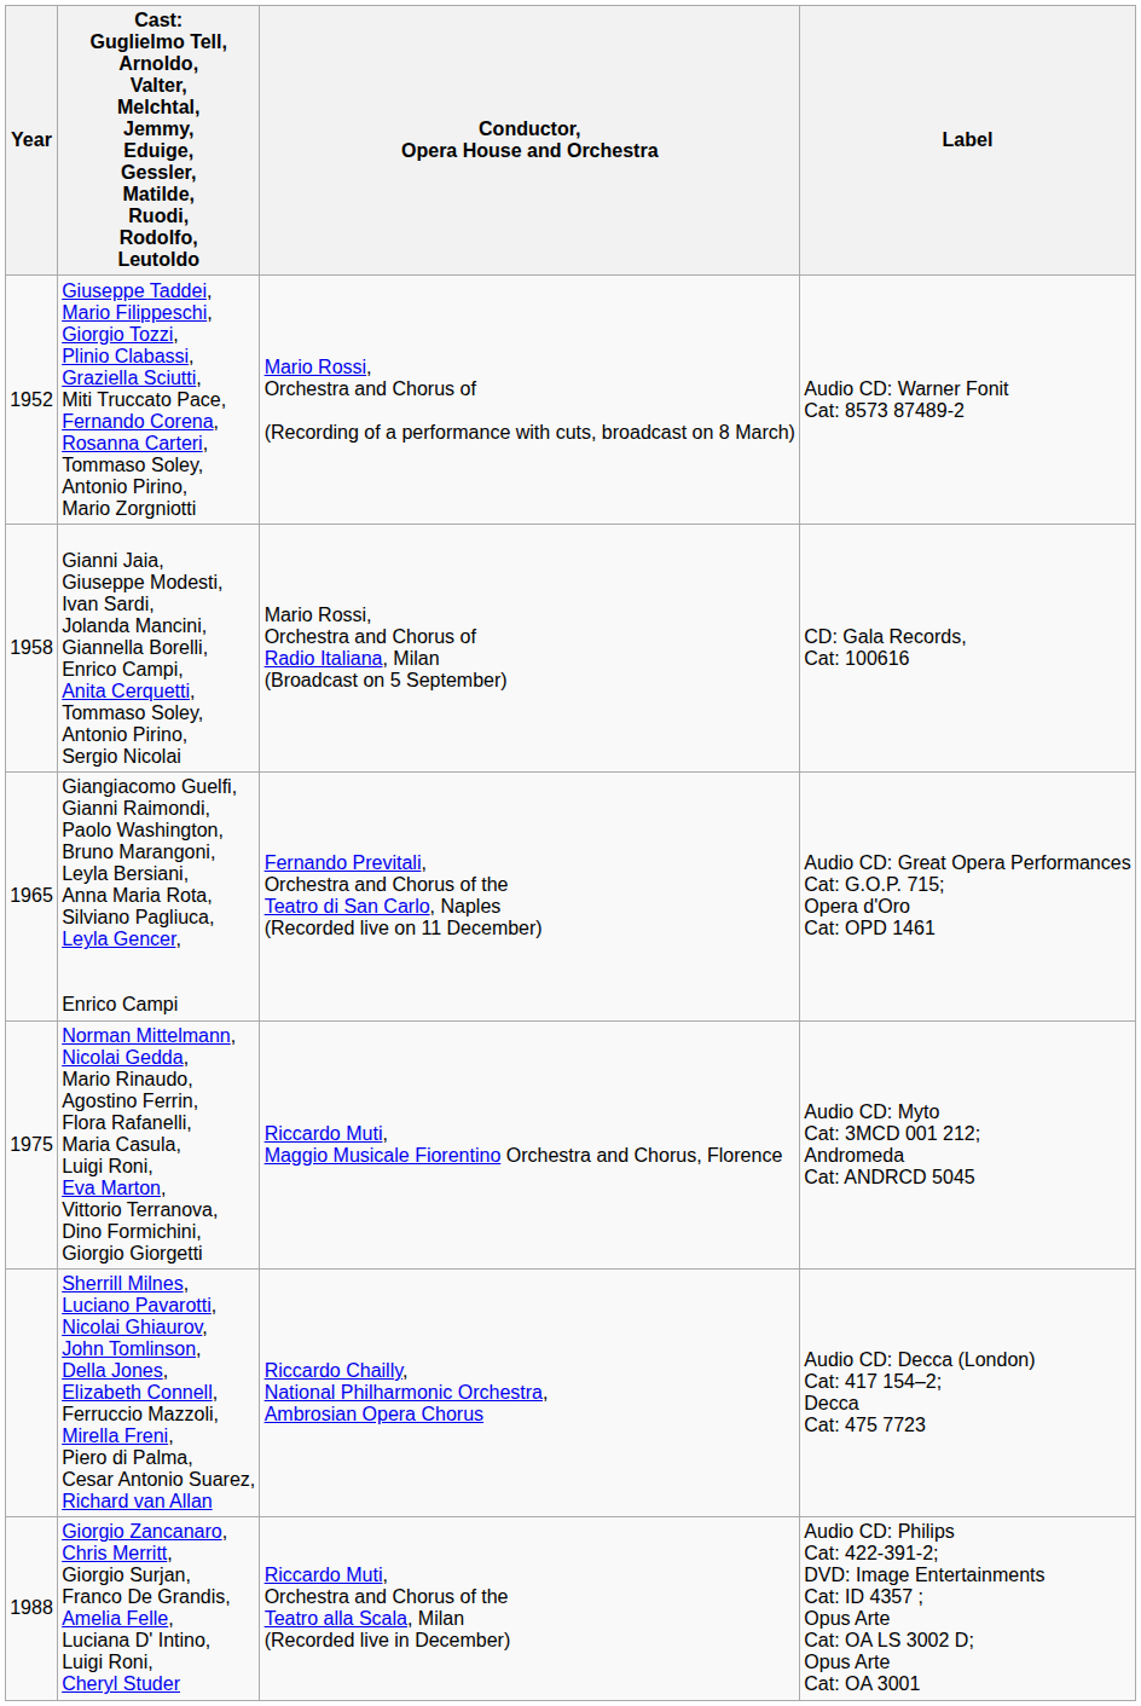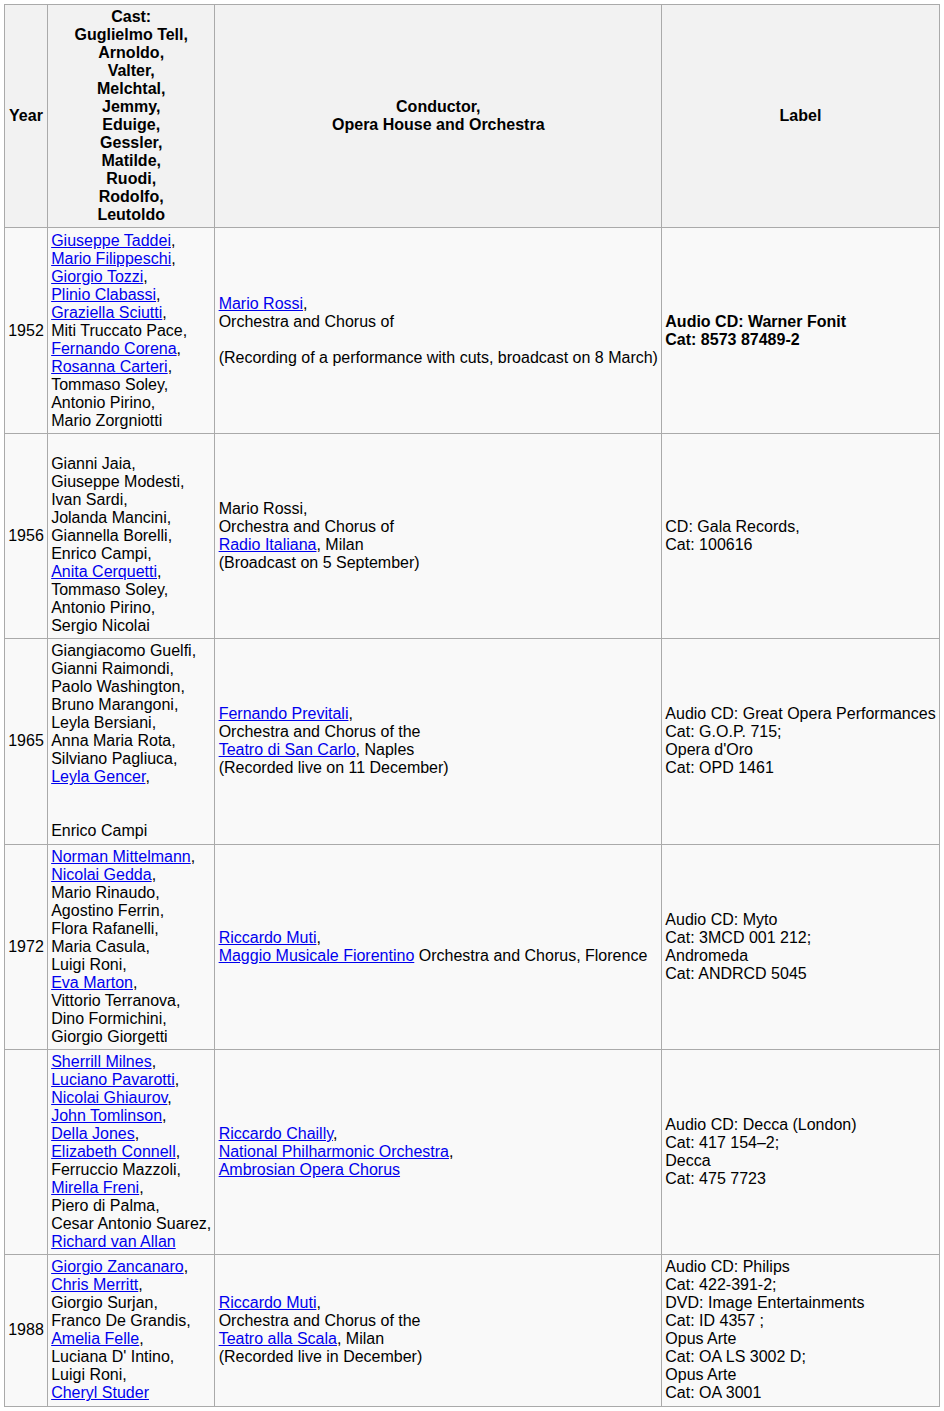 <table class="wikitable">
 <tr>
 <th>Year</th>
 <th>Cast:<br>Guglielmo Tell,<br> Arnoldo,<br> Valter,<br> Melchtal,<br> Jemmy,<br> Eduige,<br> Gessler,<br>Matilde,<br>Ruodi,<br>Rodolfo,<br>Leutoldo<br></th>
 <th>Conductor,<br>Opera House and Orchestra</th>
 <th>Label</th>
 </tr>
 <tr>
 <td>1952</td>
 <td><a href='#'>Giuseppe Taddei</a>,<br><a href='#'>Mario Filippeschi</a>,<br><a href='#'>Giorgio Tozzi</a>,<br><a href='#'>Plinio Clabassi</a>,<br> <a href='#'>Graziella Sciutti</a>,<br>Miti Truccato Pace,<br><a href='#'>Fernando Corena</a>,<br> <a href='#'>Rosanna Carteri</a>,<br> Tommaso Soley,<br>Antonio Pirino,<br>Mario Zorgniotti</td>
 <td><a href='#'>Mario Rossi</a>,<br>Orchestra and Chorus of<br><br>(Recording of a performance with cuts, broadcast on 8 March)</td>
-<td>Audio CD: Warner Fonit<br>Cat:  8573 87489-2</td>
+<td><strong>Audio CD: Warner Fonit<br>Cat:  8573 87489-2</strong></td>
 </tr>
 <tr>
-<td>1958</td>
+<td>1956</td>
 <td><br>Gianni Jaia,<br>Giuseppe Modesti,<br>Ivan Sardi,<br>Jolanda Mancini,<br>Giannella Borelli,<br>Enrico Campi,<br><a href='#'>Anita Cerquetti</a>,<br>Tommaso Soley,<br>Antonio Pirino,<br>Sergio Nicolai</td>
 <td>Mario Rossi,<br>Orchestra and Chorus of<br><a href='#'>Radio Italiana</a>, Milan<br>(Broadcast on 5 September)</td>
 <td>CD: Gala Records,<br>Cat: 100616</td>
 </tr>
 <tr>
 <td>1965</td>
 <td>Giangiacomo Guelfi,<br>Gianni Raimondi,<br>Paolo Washington,<br>Bruno Marangoni,<br>Leyla Bersiani,<br>Anna Maria Rota,<br>Silviano Pagliuca,<br><a href='#'>Leyla Gencer</a>,<br> <br> <br>Enrico Campi</td>
 <td><a href='#'>Fernando Previtali</a>,<br>Orchestra and Chorus of the<br><a href='#'>Teatro di San Carlo</a>, Naples<br>(Recorded live on 11 December)</td>
 <td>Audio CD: Great Opera Performances<br>Cat: G.O.P. 715;<br>Opera d'Oro<br>Cat: OPD 1461</td>
 </tr>
 <tr>
-<td>1975</td>
+<td>1972</td>
 <td><a href='#'>Norman Mittelmann</a>,<br><a href='#'>Nicolai Gedda</a>,<br>Mario Rinaudo,<br>Agostino Ferrin,<br>Flora Rafanelli,<br>Maria Casula,<br>Luigi Roni,<br><a href='#'>Eva Marton</a>,<br>Vittorio Terranova,<br>Dino Formichini,<br>Giorgio Giorgetti</td>
 <td><a href='#'>Riccardo Muti</a>,<br><a href='#'>Maggio Musicale Fiorentino</a> Orchestra and Chorus, Florence</td>
 <td>Audio CD: Myto<br>Cat: 3MCD 001 212;<br>Andromeda<br>Cat: ANDRCD 5045</td>
 </tr>
 <tr>
 <td></td>
 <td><a href='#'>Sherrill Milnes</a>,<br><a href='#'>Luciano Pavarotti</a>,<br><a href='#'>Nicolai Ghiaurov</a>,<br><a href='#'>John Tomlinson</a>,<br><a href='#'>Della Jones</a>,<br><a href='#'>Elizabeth Connell</a>,<br>Ferruccio Mazzoli,<br><a href='#'>Mirella Freni</a>,<br>Piero di Palma,<br>Cesar Antonio Suarez,<br><a href='#'>Richard van Allan</a></td>
 <td><a href='#'>Riccardo Chailly</a>,<br><a href='#'>National Philharmonic Orchestra</a>,<br><a href='#'>Ambrosian Opera Chorus</a></td>
 <td>Audio CD: Decca (London)<br>Cat: 417 154–2;<br>Decca<br>Cat: 475 7723</td>
 </tr>
 <tr>
 <td>1988</td>
 <td><a href='#'>Giorgio Zancanaro</a>,<br><a href='#'>Chris Merritt</a>,<br>Giorgio Surjan,<br>Franco De Grandis,<br><a href='#'>Amelia Felle</a>,<br>Luciana D' Intino,<br>Luigi Roni,<br><a href='#'>Cheryl Studer</a></td>
 <td><a href='#'>Riccardo Muti</a>,<br>Orchestra and Chorus of the<br><a href='#'>Teatro alla Scala</a>, Milan<br>(Recorded live in December)</td>
 <td>Audio CD: Philips<br>Cat: 422-391-2;<br>DVD: Image Entertainments<br>Cat: ID 4357 ;<br>Opus Arte<br>Cat: OA LS 3002 D;<br>Opus Arte<br>Cat: OA 3001</td>
 </tr>
 <tr>
 </tr>
 </table>
